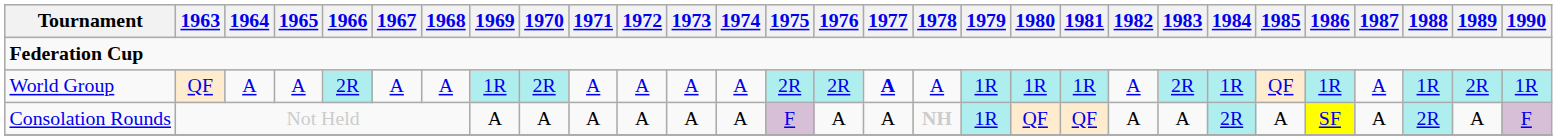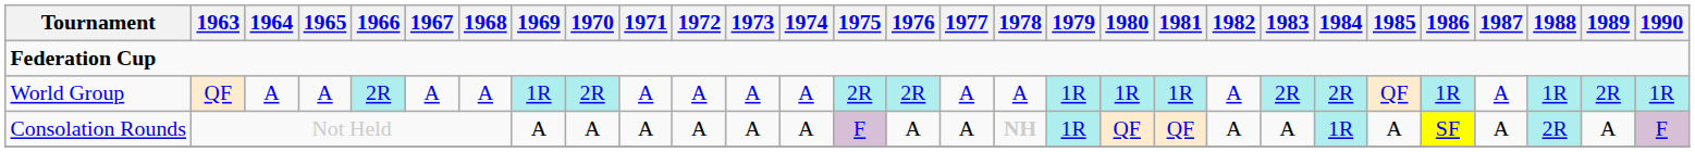 <table class=wikitable style=text-align:center;font-size:80%>
 <tr>
 <th>Tournament</th>
 <th><a href='#'>1963</a></th>
 <th><a href='#'>1964</a></th>
 <th><a href='#'>1965</a></th>
 <th><a href='#'>1966</a></th>
 <th><a href='#'>1967</a></th>
 <th><a href='#'>1968</a></th>
 <th><a href='#'>1969</a></th>
 <th><a href='#'>1970</a></th>
 <th><a href='#'>1971</a></th>
 <th><a href='#'>1972</a></th>
 <th><a href='#'>1973</a></th>
 <th><a href='#'>1974</a></th>
 <th><a href='#'>1975</a></th>
 <th><a href='#'>1976</a></th>
 <th><a href='#'>1977</a></th>
 <th><a href='#'>1978</a></th>
 <th><a href='#'>1979</a></th>
 <th><a href='#'>1980</a></th>
 <th><a href='#'>1981</a></th>
 <th><a href='#'>1982</a></th>
 <th><a href='#'>1983</a></th>
 <th><a href='#'>1984</a></th>
 <th><a href='#'>1985</a></th>
 <th><a href='#'>1986</a></th>
 <th><a href='#'>1987</a></th>
 <th><a href='#'>1988</a></th>
 <th><a href='#'>1989</a></th>
 <th><a href='#'>1990</a></th>
 </tr>
 <tr>
 <td colspan=40 align=left><strong>Federation Cup</strong></td>
 </tr>
 <tr>
 <td align=left><a href='#'>World Group</a></td>
 <td bgcolor=ffebcd><a href='#'>QF</a></td>
 <td><a href='#'>A</a></td>
 <td><a href='#'>A</a></td>
 <td bgcolor=afeeee><a href='#'>2R</a></td>
 <td><a href='#'>A</a></td>
 <td><a href='#'>A</a></td>
 <td bgcolor=afeeee><a href='#'>1R</a></td>
 <td bgcolor=afeeee><a href='#'>2R</a></td>
 <td><a href='#'>A</a></td>
 <td><a href='#'>A</a></td>
 <td><a href='#'>A</a></td>
 <td><a href='#'>A</a></td>
 <td bgcolor=afeeee><a href='#'>2R</a></td>
 <td bgcolor=afeeee><a href='#'>2R</a></td>
-<td><strong><a href='#'>A</a></strong></td>
+<td><a href='#'>A</a></td>
 <td><a href='#'>A</a></td>
 <td bgcolor=afeeee><a href='#'>1R</a></td>
 <td bgcolor=afeeee><a href='#'>1R</a></td>
 <td bgcolor=afeeee><a href='#'>1R</a></td>
 <td><a href='#'>A</a></td>
 <td bgcolor=afeeee><a href='#'>2R</a></td>
-<td bgcolor=afeeee><a href='#'>1R</a></td>
+<td bgcolor=afeeee><a href='#'>2R</a></td>
 <td bgcolor=ffebcd><a href='#'>QF</a></td>
 <td bgcolor=afeeee><a href='#'>1R</a></td>
 <td><a href='#'>A</a></td>
 <td bgcolor=afeeee><a href='#'>1R</a></td>
 <td bgcolor=afeeee><a href='#'>2R</a></td>
 <td bgcolor=afeeee><a href='#'>1R</a></td>
 </tr>
 <tr>
 <td align=left><a href='#'>Consolation Rounds</a></td>
 <td colspan=6 style=color:#ccc>Not Held</td>
 <td>A</td>
 <td>A</td>
 <td>A</td>
 <td>A</td>
 <td>A</td>
 <td>A</td>
 <td bgcolor=thistle><a href='#'>F</a></td>
 <td>A</td>
 <td>A</td>
 <td style=color:#ccc><strong>NH</strong></td>
 <td bgcolor=afeeee><a href='#'>1R</a></td>
 <td bgcolor=ffebcd><a href='#'>QF</a></td>
 <td bgcolor=ffebcd><a href='#'>QF</a></td>
 <td>A</td>
 <td>A</td>
-<td bgcolor=afeeee><a href='#'>2R</a></td>
+<td bgcolor=afeeee><a href='#'>1R</a></td>
 <td>A</td>
 <td bgcolor=yellow><a href='#'>SF</a></td>
 <td>A</td>
 <td bgcolor=afeeee><a href='#'>2R</a></td>
 <td>A</td>
 <td bgcolor=thistle><a href='#'>F</a></td>
 </tr>
 <tr>
 </tr>
 </table>
